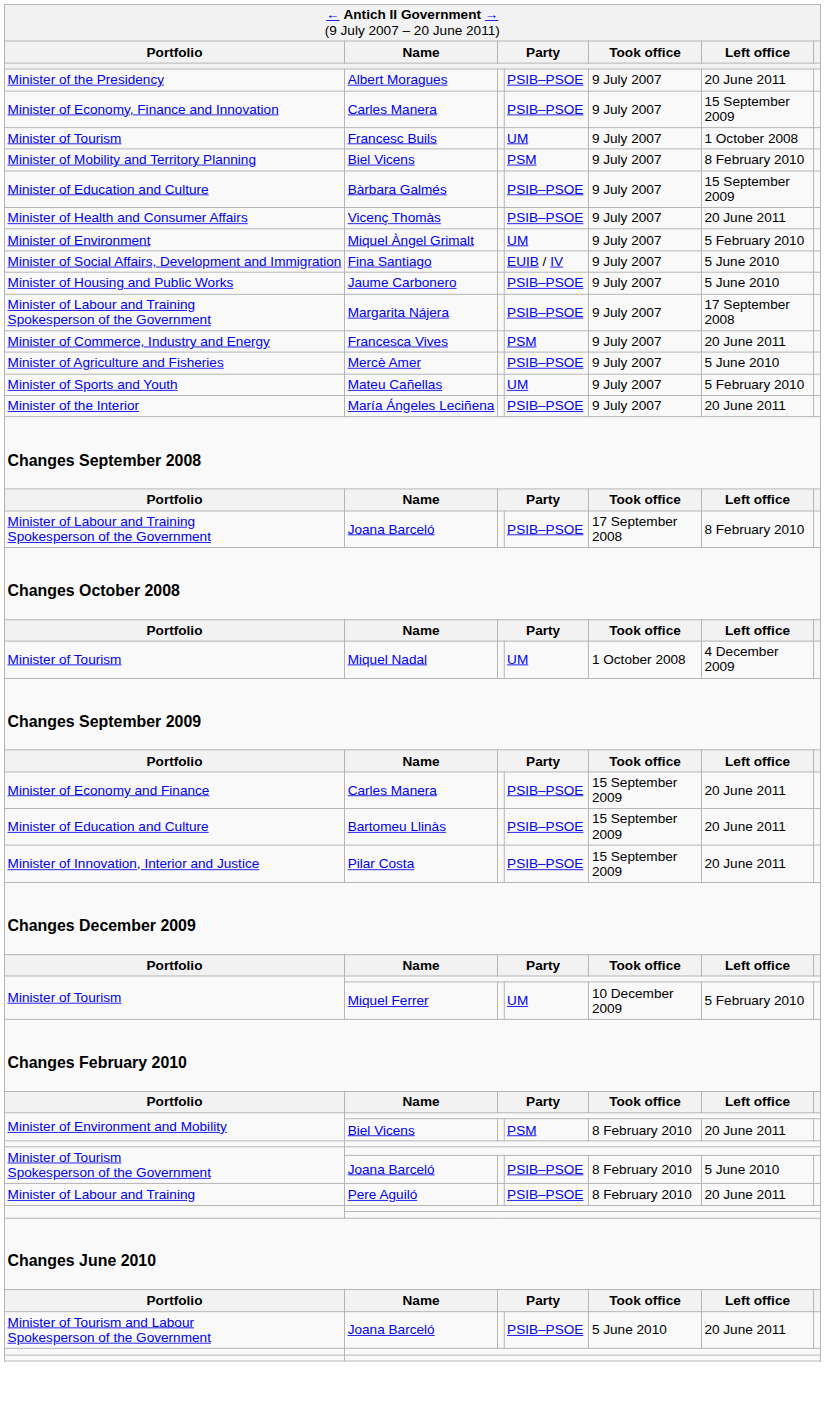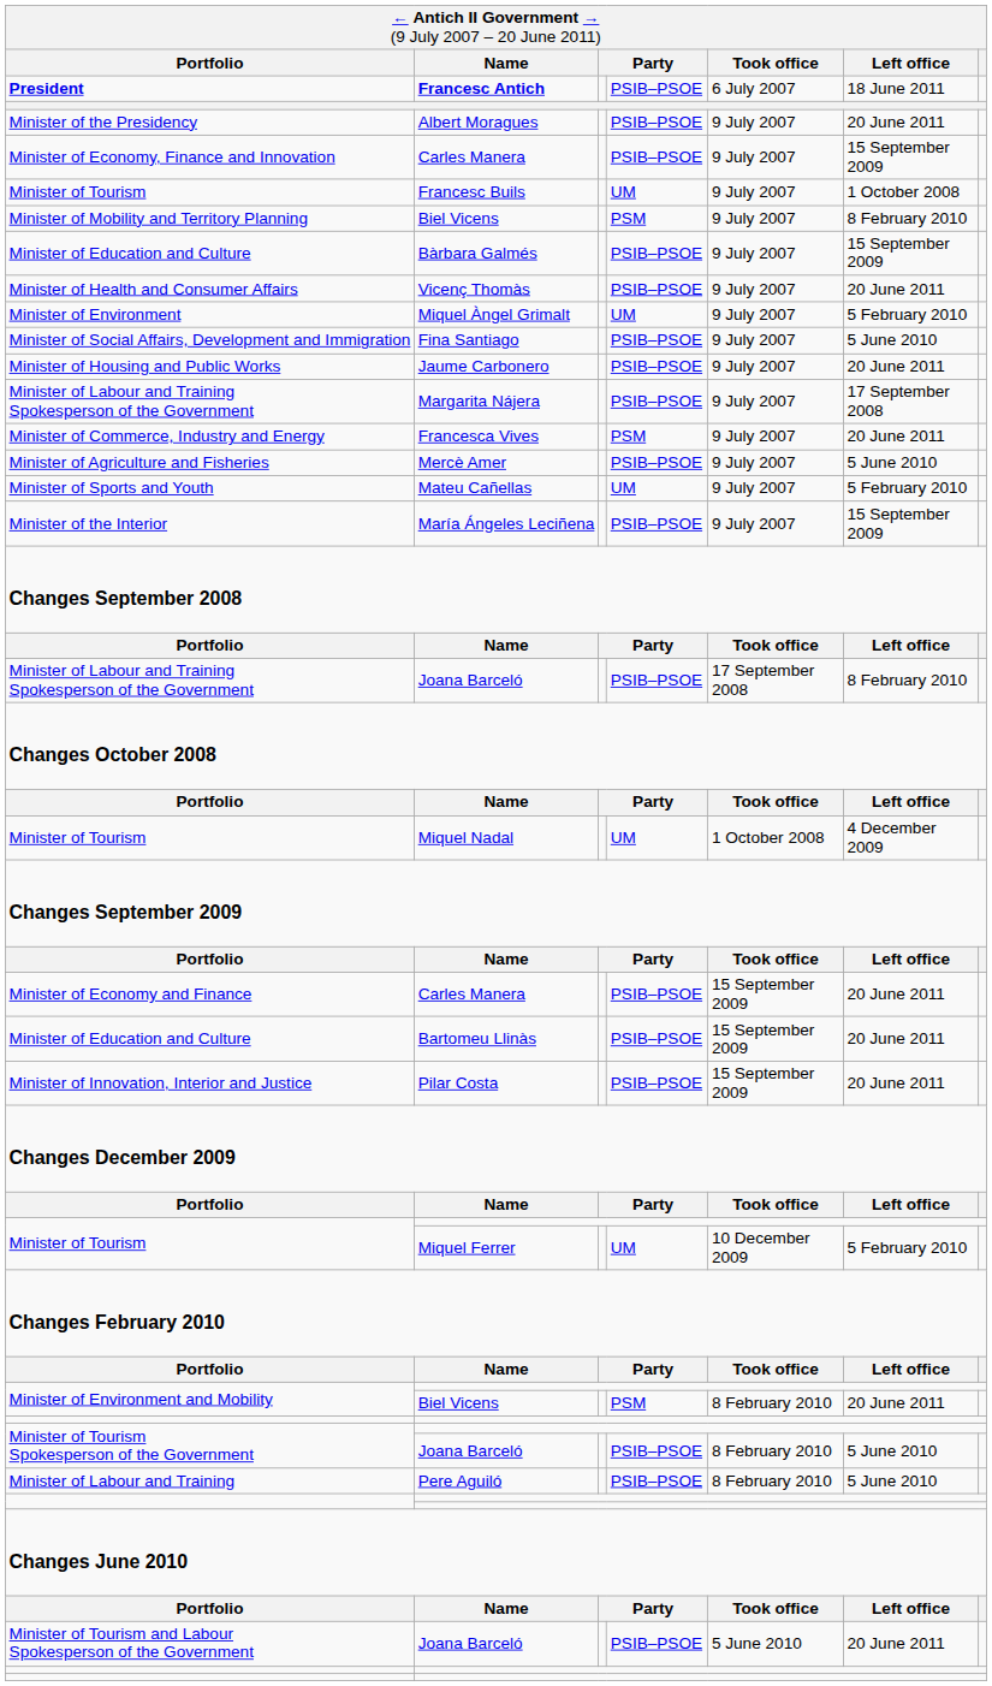 <table class="wikitable">
 <tr>
 <td colspan="7" bgcolor="#F2F2F2" align="center"><a href='#'>←</a> <strong>Antich II Government</strong> <a href='#'>→</a><br>(9 July 2007 – 20 June 2011)</td>
 </tr>
 <tr>
 <th>Portfolio</th>
 <th>Name</th>
 <th width="100px" colspan="2">Party</th>
 <th width="125px">Took office</th>
 <th width="125px">Left office</th>
 <th></th>
+</tr>
+<tr>
+<td><strong><a href='#'>President</a></strong></td>
+<td><strong><a href='#'>Francesc Antich</a></strong></td>
+<td width="1" style="background-color:"></td>
+<td><a href='#'>PSIB–PSOE</a></td>
+<td>6 July 2007</td>
+<td>18 June 2011</td>
+<td align="center"></td>
 </tr>
 <tr>
 <th colspan="7"></th>
 </tr>
 <tr>
 <td><a href='#'>Minister of the Presidency</a></td>
 <td><a href='#'>Albert Moragues</a></td>
 <td style="background-color:"></td>
 <td><a href='#'>PSIB–PSOE</a></td>
 <td>9 July 2007</td>
 <td>20 June 2011</td>
 <td align="center"></td>
 </tr>
 <tr>
 <td><a href='#'>Minister of Economy, Finance and Innovation</a></td>
 <td><a href='#'>Carles Manera</a></td>
 <td style="background-color:"></td>
 <td><a href='#'>PSIB–PSOE</a></td>
 <td>9 July 2007</td>
 <td>15 September 2009</td>
 <td align="center"></td>
 </tr>
 <tr>
 <td><a href='#'>Minister of Tourism</a></td>
 <td><a href='#'>Francesc Buils</a></td>
 <td style="background-color:"></td>
 <td><a href='#'>UM</a></td>
 <td>9 July 2007</td>
 <td>1 October 2008</td>
 <td align="center"></td>
 </tr>
 <tr>
 <td><a href='#'>Minister of Mobility and Territory Planning</a></td>
 <td><a href='#'>Biel Vicens</a></td>
 <td style="background-color:"></td>
 <td><a href='#'>PSM</a></td>
 <td>9 July 2007</td>
 <td>8 February 2010</td>
 <td align="center"></td>
 </tr>
 <tr>
 <td><a href='#'>Minister of Education and Culture</a></td>
 <td><a href='#'>Bàrbara Galmés</a></td>
 <td style="background-color:"></td>
 <td><a href='#'>PSIB–PSOE</a></td>
 <td>9 July 2007</td>
 <td>15 September 2009</td>
 <td align="center"></td>
 </tr>
 <tr>
 <td><a href='#'>Minister of Health and Consumer Affairs</a></td>
 <td><a href='#'>Vicenç Thomàs</a></td>
 <td style="background-color:"></td>
 <td><a href='#'>PSIB–PSOE</a></td>
 <td>9 July 2007</td>
 <td>20 June 2011</td>
 <td align="center"></td>
 </tr>
 <tr>
 <td><a href='#'>Minister of Environment</a></td>
 <td><a href='#'>Miquel Àngel Grimalt</a></td>
 <td style="background-color:"></td>
 <td><a href='#'>UM</a></td>
 <td>9 July 2007</td>
 <td>5 February 2010</td>
 <td align="center"></td>
 </tr>
 <tr>
 <td><a href='#'>Minister of Social Affairs, Development and Immigration</a></td>
 <td><a href='#'>Fina Santiago</a></td>
 <td style="background-color:"></td>
-<td><a href='#'>EUIB</a> / <a href='#'>IV</a></td>
+<td><a href='#'>PSIB–PSOE</a></td>
 <td>9 July 2007</td>
 <td>5 June 2010</td>
 <td align="center"></td>
 </tr>
 <tr>
 <td><a href='#'>Minister of Housing and Public Works</a></td>
 <td><a href='#'>Jaume Carbonero</a></td>
 <td style="background-color:"></td>
 <td><a href='#'>PSIB–PSOE</a></td>
 <td>9 July 2007</td>
-<td>5 June 2010</td>
+<td>20 June 2011</td>
 <td align="center"></td>
 </tr>
 <tr>
 <td><a href='#'>Minister of Labour and Training</a><br><a href='#'>Spokesperson of the Government</a></td>
 <td><a href='#'>Margarita Nájera</a></td>
 <td style="background-color:"></td>
 <td><a href='#'>PSIB–PSOE</a></td>
 <td>9 July 2007</td>
 <td>17 September 2008</td>
 <td align="center"></td>
 </tr>
 <tr>
 <td><a href='#'>Minister of Commerce, Industry and Energy</a></td>
 <td><a href='#'>Francesca Vives</a></td>
 <td style="background-color:"></td>
 <td><a href='#'>PSM</a></td>
 <td>9 July 2007</td>
 <td>20 June 2011</td>
 <td align="center"></td>
 </tr>
 <tr>
 <td><a href='#'>Minister of Agriculture and Fisheries</a></td>
 <td><a href='#'>Mercè Amer</a></td>
 <td style="background-color:"></td>
 <td><a href='#'>PSIB–PSOE</a></td>
 <td>9 July 2007</td>
 <td>5 June 2010</td>
 <td align="center"></td>
 </tr>
 <tr>
 <td><a href='#'>Minister of Sports and Youth</a></td>
 <td><a href='#'>Mateu Cañellas</a></td>
 <td style="background-color:"></td>
 <td><a href='#'>UM</a></td>
 <td>9 July 2007</td>
 <td>5 February 2010</td>
 <td align="center"></td>
 </tr>
 <tr>
 <td><a href='#'>Minister of the Interior</a></td>
 <td><a href='#'>María Ángeles Leciñena</a></td>
 <td style="background-color:"></td>
 <td><a href='#'>PSIB–PSOE</a></td>
 <td>9 July 2007</td>
-<td>20 June 2011</td>
+<td>15 September 2009</td>
 <td align="center"></td>
 </tr>
 <tr>
 <td colspan="7"><br><h3>Changes September 2008</h3></td>
 </tr>
 <tr>
 <th>Portfolio</th>
 <th>Name</th>
 <th colspan="2">Party</th>
 <th>Took office</th>
 <th>Left office</th>
 <th></th>
 </tr>
 <tr>
 <td><a href='#'>Minister of Labour and Training</a><br><a href='#'>Spokesperson of the Government</a></td>
 <td><a href='#'>Joana Barceló</a></td>
 <td style="background-color:"></td>
 <td><a href='#'>PSIB–PSOE</a></td>
 <td>17 September 2008</td>
 <td>8 February 2010</td>
 <td align="center"></td>
 </tr>
 <tr>
 <td colspan="7"><br><h3>Changes October 2008</h3></td>
 </tr>
 <tr>
 <th>Portfolio</th>
 <th>Name</th>
 <th colspan="2">Party</th>
 <th>Took office</th>
 <th>Left office</th>
 <th></th>
 </tr>
 <tr>
 <td><a href='#'>Minister of Tourism</a></td>
 <td><a href='#'>Miquel Nadal</a></td>
 <td style="background-color:"></td>
 <td><a href='#'>UM</a></td>
 <td>1 October 2008</td>
 <td>4 December 2009</td>
 <td align="center"></td>
 </tr>
 <tr>
 <td colspan="7"><br><h3>Changes September 2009</h3></td>
 </tr>
 <tr>
 <th>Portfolio</th>
 <th>Name</th>
 <th colspan="2">Party</th>
 <th>Took office</th>
 <th>Left office</th>
 <th></th>
 </tr>
 <tr>
 <td><a href='#'>Minister of Economy and Finance</a></td>
 <td><a href='#'>Carles Manera</a></td>
 <td style="background-color:"></td>
 <td><a href='#'>PSIB–PSOE</a></td>
 <td>15 September 2009</td>
 <td>20 June 2011</td>
 <td align="center"></td>
 </tr>
 <tr>
 <td><a href='#'>Minister of Education and Culture</a></td>
 <td><a href='#'>Bartomeu Llinàs</a></td>
 <td style="background-color:"></td>
 <td><a href='#'>PSIB–PSOE</a></td>
 <td>15 September 2009</td>
 <td>20 June 2011</td>
 <td align="center"></td>
 </tr>
 <tr>
 <td><a href='#'>Minister of Innovation, Interior and Justice</a></td>
 <td><a href='#'>Pilar Costa</a></td>
 <td style="background-color:"></td>
 <td><a href='#'>PSIB–PSOE</a></td>
 <td>15 September 2009</td>
 <td>20 June 2011</td>
 <td align="center"></td>
 </tr>
 <tr>
 <td colspan="7"><br><h3>Changes December 2009</h3></td>
 </tr>
 <tr>
 <th>Portfolio</th>
 <th>Name</th>
 <th colspan="2">Party</th>
 <th>Took office</th>
 <th>Left office</th>
 <th></th>
 </tr>
 <tr>
 <td rowspan="2"><a href='#'>Minister of Tourism</a></td>
 <td colspan="6"></td>
 </tr>
 <tr>
 <td><a href='#'>Miquel Ferrer</a></td>
 <td style="background-color:"></td>
 <td><a href='#'>UM</a></td>
 <td>10 December 2009</td>
 <td>5 February 2010</td>
 <td align="center"></td>
 </tr>
 <tr>
 <td colspan="7"><br><h3>Changes February 2010</h3></td>
 </tr>
 <tr>
 <th>Portfolio</th>
 <th>Name</th>
 <th colspan="2">Party</th>
 <th>Took office</th>
 <th>Left office</th>
 <th></th>
 </tr>
 <tr>
 <td rowspan="2"><a href='#'>Minister of Environment and Mobility</a></td>
 <td colspan="6"></td>
 </tr>
 <tr>
 <td><a href='#'>Biel Vicens</a></td>
 <td style="background-color:"></td>
 <td><a href='#'>PSM</a></td>
 <td>8 February 2010</td>
 <td>20 June 2011</td>
 <td align="center"></td>
 </tr>
 <tr>
 <td></td>
 <td colspan="6"></td>
 </tr>
 <tr>
 <td rowspan="2"><a href='#'>Minister of Tourism</a><br><a href='#'>Spokesperson of the Government</a></td>
 <td colspan="6"></td>
 </tr>
 <tr>
 <td><a href='#'>Joana Barceló</a></td>
 <td style="background-color:"></td>
 <td><a href='#'>PSIB–PSOE</a></td>
 <td>8 February 2010</td>
 <td>5 June 2010</td>
 <td align="center"></td>
 </tr>
 <tr>
 <td><a href='#'>Minister of Labour and Training</a></td>
 <td><a href='#'>Pere Aguiló</a></td>
 <td style="background-color:"></td>
 <td><a href='#'>PSIB–PSOE</a></td>
 <td>8 February 2010</td>
-<td>20 June 2011</td>
+<td>5 June 2010</td>
 <td align="center"></td>
 </tr>
 <tr>
 <td rowspan="2"></td>
 <td colspan="6"></td>
 </tr>
 <tr>
 <td colspan="6"></td>
 </tr>
 <tr>
 <td colspan="7"><br><h3>Changes June 2010</h3></td>
 </tr>
 <tr>
 <th>Portfolio</th>
 <th>Name</th>
 <th colspan="2">Party</th>
 <th>Took office</th>
 <th>Left office</th>
 <th></th>
 </tr>
 <tr>
 <td><a href='#'>Minister of Tourism and Labour</a><br><a href='#'>Spokesperson of the Government</a></td>
 <td><a href='#'>Joana Barceló</a></td>
 <td style="background-color:"></td>
 <td><a href='#'>PSIB–PSOE</a></td>
 <td>5 June 2010</td>
 <td>20 June 2011</td>
 <td align="center"></td>
 </tr>
 <tr>
 <td></td>
 <td colspan="6"></td>
 </tr>
 <tr>
 <td></td>
 <td colspan="6"></td>
 </tr>
 </table>
